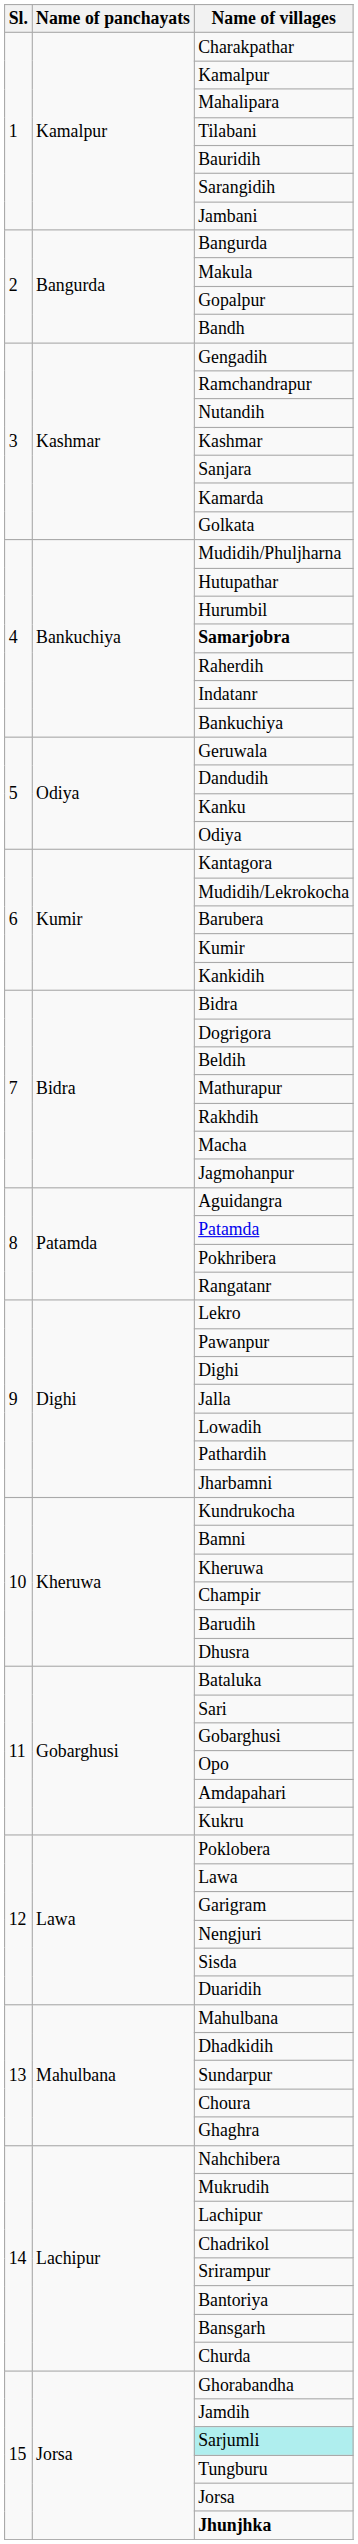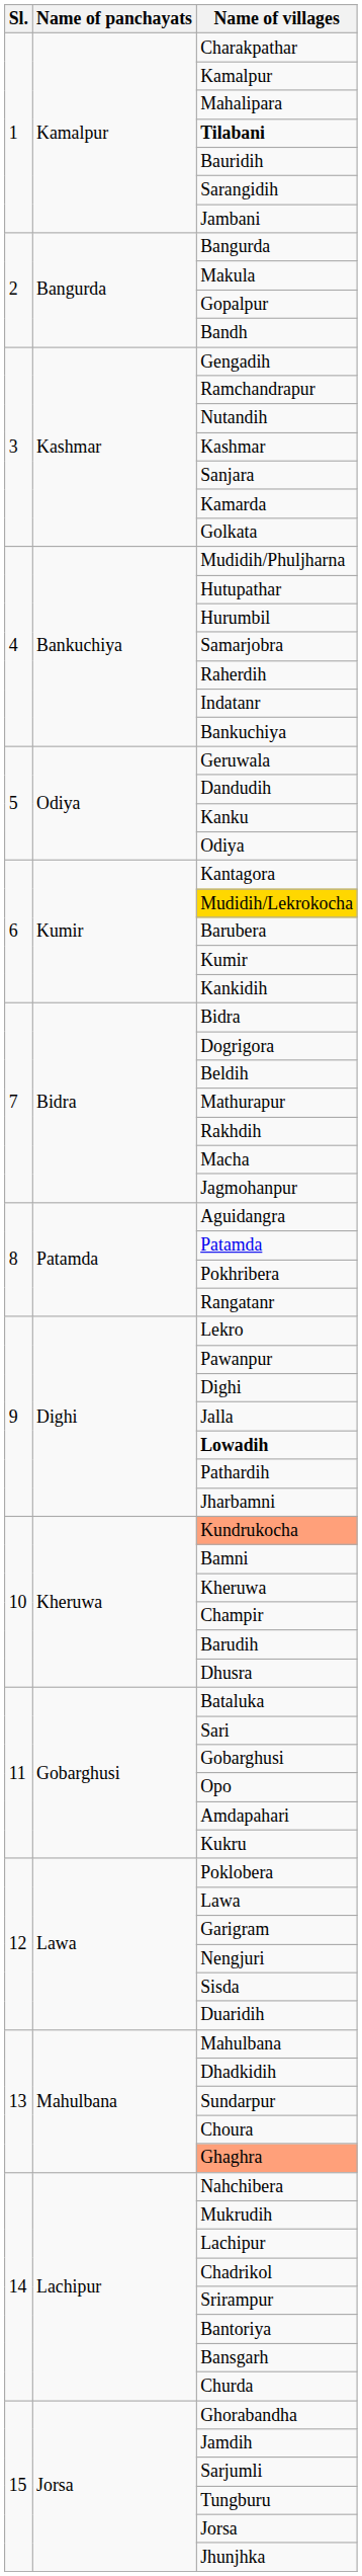 <table class="wikitable plainrowheaders sortable">
 <tr>
 <th scope="col">Sl.</th>
 <th scope="col">Name of panchayats</th>
 <th scope="col">Name of villages</th>
 </tr>
 <tr>
 <td rowspan="7">1</td>
 <td rowspan="7">Kamalpur</td>
 <td>Charakpathar</td>
 </tr>
 <tr>
 <td>Kamalpur</td>
 </tr>
 <tr>
 <td>Mahalipara</td>
 </tr>
 <tr>
-<td>Tilabani</td>
+<td><strong>Tilabani</strong></td>
 </tr>
 <tr>
 <td>Bauridih</td>
 </tr>
 <tr>
 <td>Sarangidih</td>
 </tr>
 <tr>
 <td>Jambani</td>
 </tr>
 <tr>
 <td rowspan="4">2</td>
 <td rowspan="4">Bangurda</td>
 <td>Bangurda</td>
 </tr>
 <tr>
 <td>Makula</td>
 </tr>
 <tr>
 <td>Gopalpur</td>
 </tr>
 <tr>
 <td>Bandh</td>
 </tr>
 <tr>
 <td rowspan="7">3</td>
 <td rowspan="7">Kashmar</td>
 <td>Gengadih</td>
 </tr>
 <tr>
 <td>Ramchandrapur</td>
 </tr>
 <tr>
 <td>Nutandih</td>
 </tr>
 <tr>
 <td>Kashmar</td>
 </tr>
 <tr>
 <td>Sanjara</td>
 </tr>
 <tr>
 <td>Kamarda</td>
 </tr>
 <tr>
 <td>Golkata</td>
 </tr>
 <tr>
 <td rowspan="7">4</td>
 <td rowspan="7">Bankuchiya</td>
 <td>Mudidih/Phuljharna</td>
 </tr>
 <tr>
 <td>Hutupathar</td>
 </tr>
 <tr>
 <td>Hurumbil</td>
 </tr>
 <tr>
-<td><strong>Samarjobra</strong></td>
+<td>Samarjobra</td>
 </tr>
 <tr>
 <td>Raherdih</td>
 </tr>
 <tr>
 <td>Indatanr</td>
 </tr>
 <tr>
 <td>Bankuchiya</td>
 </tr>
 <tr>
 <td rowspan="4">5</td>
 <td rowspan="4">Odiya</td>
 <td>Geruwala</td>
 </tr>
 <tr>
 <td>Dandudih</td>
 </tr>
 <tr>
 <td>Kanku</td>
 </tr>
 <tr>
 <td>Odiya</td>
 </tr>
 <tr>
 <td rowspan="5">6</td>
 <td rowspan="5">Kumir</td>
 <td>Kantagora</td>
 </tr>
 <tr>
-<td>Mudidih/Lekrokocha</td>
+<td style="background: gold;">Mudidih/Lekrokocha</td>
 </tr>
 <tr>
 <td>Barubera</td>
 </tr>
 <tr>
 <td>Kumir</td>
 </tr>
 <tr>
 <td>Kankidih</td>
 </tr>
 <tr>
 <td rowspan="7">7</td>
 <td rowspan="7">Bidra</td>
 <td>Bidra</td>
 </tr>
 <tr>
 <td>Dogrigora</td>
 </tr>
 <tr>
 <td>Beldih</td>
 </tr>
 <tr>
 <td>Mathurapur</td>
 </tr>
 <tr>
 <td>Rakhdih</td>
 </tr>
 <tr>
 <td>Macha</td>
 </tr>
 <tr>
 <td>Jagmohanpur</td>
 </tr>
 <tr>
 <td rowspan="4">8</td>
 <td rowspan="4">Patamda</td>
 <td>Aguidangra</td>
 </tr>
 <tr>
 <td><a href='#'>Patamda</a></td>
 </tr>
 <tr>
 <td>Pokhribera</td>
 </tr>
 <tr>
 <td>Rangatanr</td>
 </tr>
 <tr>
 <td rowspan="7">9</td>
 <td rowspan="7">Dighi</td>
 <td>Lekro</td>
 </tr>
 <tr>
 <td>Pawanpur</td>
 </tr>
 <tr>
 <td>Dighi</td>
 </tr>
 <tr>
 <td>Jalla</td>
 </tr>
 <tr>
-<td>Lowadih</td>
+<td><strong>Lowadih</strong></td>
 </tr>
 <tr>
 <td>Pathardih</td>
 </tr>
 <tr>
 <td>Jharbamni</td>
 </tr>
 <tr>
 <td rowspan="6">10</td>
 <td rowspan="6">Kheruwa</td>
-<td>Kundrukocha</td>
+<td style="background: lightsalmon;">Kundrukocha</td>
 </tr>
 <tr>
 <td>Bamni</td>
 </tr>
 <tr>
 <td>Kheruwa</td>
 </tr>
 <tr>
 <td>Champir</td>
 </tr>
 <tr>
 <td>Barudih</td>
 </tr>
 <tr>
 <td>Dhusra</td>
 </tr>
 <tr>
 <td rowspan="6">11</td>
 <td rowspan="6">Gobarghusi</td>
 <td>Bataluka</td>
 </tr>
 <tr>
 <td>Sari</td>
 </tr>
 <tr>
 <td>Gobarghusi</td>
 </tr>
 <tr>
 <td>Opo</td>
 </tr>
 <tr>
 <td>Amdapahari</td>
 </tr>
 <tr>
 <td>Kukru</td>
 </tr>
 <tr>
 <td rowspan="6">12</td>
 <td rowspan="6">Lawa</td>
 <td>Poklobera</td>
 </tr>
 <tr>
 <td>Lawa</td>
 </tr>
 <tr>
 <td>Garigram</td>
 </tr>
 <tr>
 <td>Nengjuri</td>
 </tr>
 <tr>
 <td>Sisda</td>
 </tr>
 <tr>
 <td>Duaridih</td>
 </tr>
 <tr>
 <td rowspan="5">13</td>
 <td rowspan="5">Mahulbana</td>
 <td>Mahulbana</td>
 </tr>
 <tr>
 <td>Dhadkidih</td>
 </tr>
 <tr>
 <td>Sundarpur</td>
 </tr>
 <tr>
 <td>Choura</td>
 </tr>
 <tr>
-<td>Ghaghra</td>
+<td style="background: lightsalmon;">Ghaghra</td>
 </tr>
 <tr>
 <td rowspan="8">14</td>
 <td rowspan="8">Lachipur</td>
 <td>Nahchibera</td>
 </tr>
 <tr>
 <td>Mukrudih</td>
 </tr>
 <tr>
 <td>Lachipur</td>
 </tr>
 <tr>
 <td>Chadrikol</td>
 </tr>
 <tr>
 <td>Srirampur</td>
 </tr>
 <tr>
 <td>Bantoriya</td>
 </tr>
 <tr>
 <td>Bansgarh</td>
 </tr>
 <tr>
 <td>Churda</td>
 </tr>
 <tr>
 <td rowspan="6">15</td>
 <td rowspan="6">Jorsa</td>
 <td>Ghorabandha</td>
 </tr>
 <tr>
 <td>Jamdih</td>
 </tr>
 <tr>
-<td style="background: paleturquoise;">Sarjumli</td>
+<td>Sarjumli</td>
 </tr>
 <tr>
 <td>Tungburu</td>
 </tr>
 <tr>
 <td>Jorsa</td>
 </tr>
 <tr>
-<td><strong>Jhunjhka</strong></td>
+<td>Jhunjhka</td>
 </tr>
 <tr>
 </tr>
 </table>
